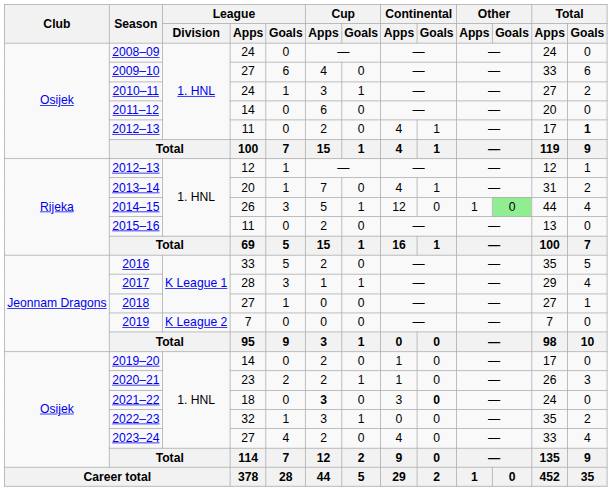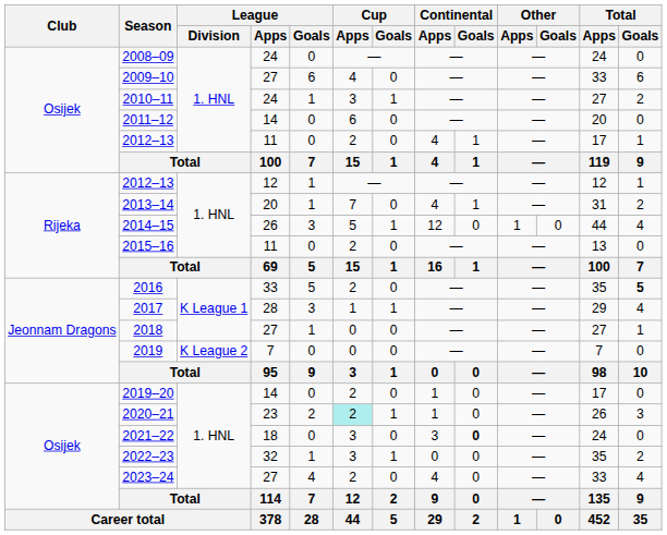 <table class="wikitable" style="font-size:100%; text-align: center">
 <tr>
 <th rowspan="2">Club</th>
 <th rowspan="2">Season</th>
 <th colspan="3">League</th>
 <th colspan="2">Cup</th>
 <th colspan="2">Continental</th>
 <th colspan="2">Other</th>
 <th colspan="2">Total</th>
 </tr>
 <tr>
 <th>Division</th>
 <th>Apps</th>
 <th>Goals</th>
 <th>Apps</th>
 <th>Goals</th>
 <th>Apps</th>
 <th>Goals</th>
 <th>Apps</th>
 <th>Goals</th>
 <th>Apps</th>
 <th>Goals</th>
 </tr>
 <tr>
 <td rowspan="6"><a href='#'>Osijek</a></td>
 <td><a href='#'>2008–09</a></td>
 <td rowspan="5"><a href='#'>1. HNL</a></td>
 <td>24</td>
 <td>0</td>
 <td colspan="2">—</td>
 <td colspan="2">—</td>
 <td colspan="2">—</td>
 <td>24</td>
 <td>0</td>
 </tr>
 <tr>
 <td><a href='#'>2009–10</a></td>
 <td>27</td>
 <td>6</td>
 <td>4</td>
 <td>0</td>
 <td colspan="2">—</td>
 <td colspan="2">—</td>
 <td>33</td>
 <td>6</td>
 </tr>
 <tr>
 <td><a href='#'>2010–11</a></td>
 <td>24</td>
 <td>1</td>
 <td>3</td>
 <td>1</td>
 <td colspan="2">—</td>
 <td colspan="2">—</td>
 <td>27</td>
 <td>2</td>
 </tr>
 <tr>
 <td><a href='#'>2011–12</a></td>
 <td>14</td>
 <td>0</td>
 <td>6</td>
 <td>0</td>
 <td colspan="2">—</td>
 <td colspan="2">—</td>
 <td>20</td>
 <td>0</td>
 </tr>
 <tr>
 <td><a href='#'>2012–13</a></td>
 <td>11</td>
 <td>0</td>
 <td>2</td>
 <td>0</td>
 <td>4</td>
 <td>1</td>
 <td colspan="2">—</td>
 <td>17</td>
-<td><strong>1</strong></td>
+<td>1</td>
 </tr>
 <tr>
 <th colspan=2>Total</th>
 <th>100</th>
 <th>7</th>
 <th>15</th>
 <th>1</th>
 <th>4</th>
 <th>1</th>
 <th colspan="2">—</th>
 <th>119</th>
 <th>9</th>
 </tr>
 <tr>
 <td rowspan="5"><a href='#'>Rijeka</a></td>
 <td><a href='#'>2012–13</a></td>
 <td rowspan="4">1. HNL</td>
 <td>12</td>
 <td>1</td>
 <td colspan="2">—</td>
 <td colspan="2">—</td>
 <td colspan="2">—</td>
 <td>12</td>
 <td>1</td>
 </tr>
 <tr>
 <td><a href='#'>2013–14</a></td>
 <td>20</td>
 <td>1</td>
 <td>7</td>
 <td>0</td>
 <td>4</td>
 <td>1</td>
 <td colspan="2">—</td>
 <td>31</td>
 <td>2</td>
 </tr>
 <tr>
 <td><a href='#'>2014–15</a></td>
 <td>26</td>
 <td>3</td>
 <td>5</td>
 <td>1</td>
 <td>12</td>
 <td>0</td>
 <td>1</td>
-<td style="background: lightgreen;">0</td>
+<td>0</td>
 <td>44</td>
 <td>4</td>
 </tr>
 <tr>
 <td><a href='#'>2015–16</a></td>
 <td>11</td>
 <td>0</td>
 <td>2</td>
 <td>0</td>
 <td colspan="2">—</td>
 <td colspan="2">—</td>
 <td>13</td>
 <td>0</td>
 </tr>
 <tr>
 <th colspan=2>Total</th>
 <th>69</th>
 <th>5</th>
 <th>15</th>
 <th>1</th>
 <th>16</th>
 <th>1</th>
 <th colspan="2">—</th>
 <th>100</th>
 <th>7</th>
 </tr>
 <tr>
 <td rowspan="5"><a href='#'>Jeonnam Dragons</a></td>
 <td><a href='#'>2016</a></td>
 <td rowspan="3"><a href='#'>K League 1</a></td>
 <td>33</td>
 <td>5</td>
 <td>2</td>
 <td>0</td>
 <td colspan="2">—</td>
 <td colspan="2">—</td>
 <td>35</td>
-<td>5</td>
+<td><strong>5</strong></td>
 </tr>
 <tr>
 <td><a href='#'>2017</a></td>
 <td>28</td>
 <td>3</td>
 <td>1</td>
 <td>1</td>
 <td colspan="2">—</td>
 <td colspan="2">—</td>
 <td>29</td>
 <td>4</td>
 </tr>
 <tr>
 <td><a href='#'>2018</a></td>
 <td>27</td>
 <td>1</td>
 <td>0</td>
 <td>0</td>
 <td colspan="2">—</td>
 <td colspan="2">—</td>
 <td>27</td>
 <td>1</td>
 </tr>
 <tr>
 <td><a href='#'>2019</a></td>
 <td rowspan="1"><a href='#'>K League 2</a></td>
 <td>7</td>
 <td>0</td>
 <td>0</td>
 <td>0</td>
 <td colspan="2">—</td>
 <td colspan="2">—</td>
 <td>7</td>
 <td>0</td>
 </tr>
 <tr>
 <th colspan=2>Total</th>
 <th>95</th>
 <th>9</th>
 <th>3</th>
 <th>1</th>
 <th>0</th>
 <th>0</th>
 <th colspan="2">—</th>
 <th>98</th>
 <th>10</th>
 </tr>
 <tr>
 <td rowspan="6"><a href='#'>Osijek</a></td>
 <td><a href='#'>2019–20</a></td>
 <td rowspan="5">1. HNL</td>
 <td>14</td>
 <td>0</td>
 <td>2</td>
 <td>0</td>
 <td>1</td>
 <td>0</td>
 <td colspan="2">—</td>
 <td>17</td>
 <td>0</td>
 </tr>
 <tr>
 <td><a href='#'>2020–21</a></td>
 <td>23</td>
 <td>2</td>
-<td>2</td>
+<td style="background: paleturquoise;">2</td>
 <td>1</td>
 <td>1</td>
 <td>0</td>
 <td colspan="2">—</td>
 <td>26</td>
 <td>3</td>
 </tr>
 <tr>
 <td><a href='#'>2021–22</a></td>
 <td>18</td>
 <td>0</td>
-<td><strong>3</strong></td>
+<td>3</td>
 <td>0</td>
 <td>3</td>
 <td><strong>0</strong></td>
 <td colspan="2">—</td>
 <td>24</td>
 <td>0</td>
 </tr>
 <tr>
 <td><a href='#'>2022–23</a></td>
 <td>32</td>
 <td>1</td>
 <td>3</td>
 <td>1</td>
 <td>0</td>
 <td>0</td>
 <td colspan="2">—</td>
 <td>35</td>
 <td>2</td>
 </tr>
 <tr>
 <td><a href='#'>2023–24</a></td>
 <td>27</td>
 <td>4</td>
 <td>2</td>
 <td>0</td>
 <td>4</td>
 <td>0</td>
 <td colspan="2">—</td>
 <td>33</td>
 <td>4</td>
 </tr>
 <tr>
 <th colspan=2>Total</th>
 <th>114</th>
 <th>7</th>
 <th>12</th>
 <th>2</th>
 <th>9</th>
 <th>0</th>
 <th colspan="2">—</th>
 <th>135</th>
 <th>9</th>
 </tr>
 <tr>
 <th colspan=3>Career total</th>
 <th>378</th>
 <th>28</th>
 <th>44</th>
 <th>5</th>
 <th>29</th>
 <th>2</th>
 <th>1</th>
 <th>0</th>
 <th>452</th>
 <th>35</th>
 </tr>
 </table>
